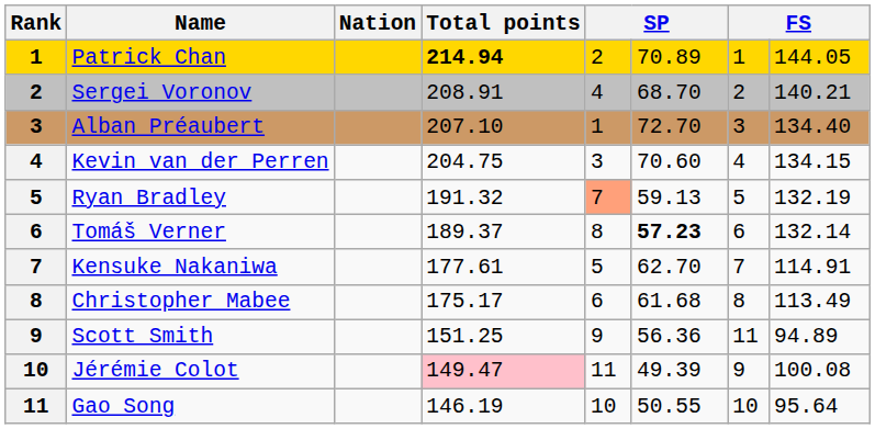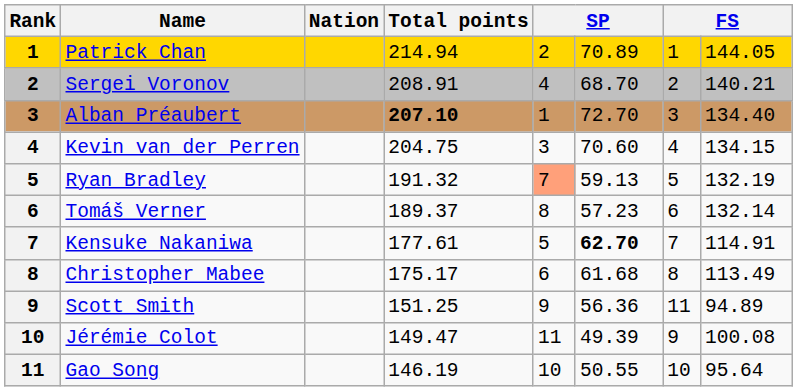 <table class="wikitable">
 <tr>
 <th>Rank</th>
 <th>Name</th>
 <th>Nation</th>
 <th>Total points</th>
 <th colspan="2" width="80px"><a href='#'>SP</a></th>
 <th colspan="2" width="80px"><a href='#'>FS</a></th>
 </tr>
 <tr bgcolor="gold">
 <td align="center"><strong>1</strong></td>
 <td><a href='#'>Patrick Chan</a></td>
 <td></td>
-<td><strong>214.94</strong></td>
+<td>214.94</td>
 <td>2</td>
 <td>70.89</td>
 <td>1</td>
 <td>144.05</td>
 </tr>
 <tr bgcolor="silver">
 <td align="center"><strong>2</strong></td>
 <td><a href='#'>Sergei Voronov</a></td>
 <td></td>
 <td>208.91</td>
 <td>4</td>
 <td>68.70</td>
 <td>2</td>
 <td>140.21</td>
 </tr>
 <tr bgcolor="cc9966">
 <td align="center"><strong>3</strong></td>
 <td><a href='#'>Alban Préaubert</a></td>
 <td></td>
-<td>207.10</td>
+<td><strong>207.10</strong></td>
 <td>1</td>
 <td>72.70</td>
 <td>3</td>
 <td>134.40</td>
 </tr>
 <tr>
 <th>4</th>
 <td><a href='#'>Kevin van der Perren</a></td>
 <td></td>
 <td>204.75</td>
 <td>3</td>
 <td>70.60</td>
 <td>4</td>
 <td>134.15</td>
 </tr>
 <tr>
 <th>5</th>
 <td><a href='#'>Ryan Bradley</a></td>
 <td></td>
 <td>191.32</td>
 <td style="background: lightsalmon;">7</td>
 <td>59.13</td>
 <td>5</td>
 <td>132.19</td>
 </tr>
 <tr>
 <th>6</th>
 <td><a href='#'>Tomáš Verner</a></td>
 <td></td>
 <td>189.37</td>
 <td>8</td>
-<td><strong>57.23</strong></td>
+<td>57.23</td>
 <td>6</td>
 <td>132.14</td>
 </tr>
 <tr>
 <th>7</th>
 <td><a href='#'>Kensuke Nakaniwa</a></td>
 <td></td>
 <td>177.61</td>
 <td>5</td>
-<td>62.70</td>
+<td><strong>62.70</strong></td>
 <td>7</td>
 <td>114.91</td>
 </tr>
 <tr>
 <th>8</th>
 <td><a href='#'>Christopher Mabee</a></td>
 <td></td>
 <td>175.17</td>
 <td>6</td>
 <td>61.68</td>
 <td>8</td>
 <td>113.49</td>
 </tr>
 <tr>
 <th>9</th>
 <td><a href='#'>Scott Smith</a></td>
 <td></td>
 <td>151.25</td>
 <td>9</td>
 <td>56.36</td>
 <td>11</td>
 <td>94.89</td>
 </tr>
 <tr>
 <th>10</th>
 <td><a href='#'>Jérémie Colot</a></td>
 <td></td>
-<td style="background: pink;">149.47</td>
+<td>149.47</td>
 <td>11</td>
 <td>49.39</td>
 <td>9</td>
 <td>100.08</td>
 </tr>
 <tr>
 <th>11</th>
 <td><a href='#'>Gao Song</a></td>
 <td></td>
 <td>146.19</td>
 <td>10</td>
 <td>50.55</td>
 <td>10</td>
 <td>95.64</td>
 </tr>
 </table>
